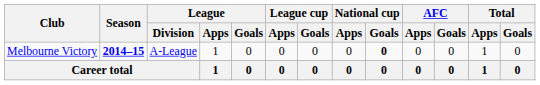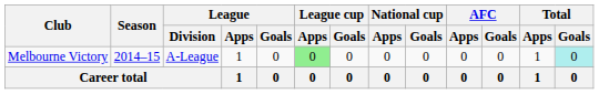 <table class="wikitable" style="text-align:center">
 <tr>
 <th rowspan="2">Club</th>
 <th rowspan="2">Season</th>
 <th colspan="3">League</th>
 <th colspan="2">League cup</th>
 <th colspan="2">National cup</th>
 <th colspan="2"><a href='#'>AFC</a></th>
 <th colspan="2">Total</th>
 </tr>
 <tr>
 <th>Division</th>
 <th>Apps</th>
 <th>Goals</th>
 <th>Apps</th>
 <th>Goals</th>
 <th>Apps</th>
 <th>Goals</th>
 <th>Apps</th>
 <th>Goals</th>
 <th>Apps</th>
 <th>Goals</th>
 </tr>
 <tr>
 <td><a href='#'>Melbourne Victory</a></td>
-<td><strong><a href='#'>2014–15</a></strong></td>
+<td><a href='#'>2014–15</a></td>
 <td><a href='#'>A-League</a></td>
 <td>1</td>
+<td>0</td>
+<td style="background: lightgreen;">0</td>
 <td>0</td>
 <td>0</td>
 <td>0</td>
 <td>0</td>
-<td><strong>0</strong></td>
-<td>0</td>
 <td>0</td>
 <td>1</td>
-<td>0</td>
+<td style="background: paleturquoise;">0</td>
 </tr>
 <tr>
 <th colspan="3">Career total</th>
 <th>1</th>
 <th>0</th>
 <th>0</th>
 <th>0</th>
 <th>0</th>
 <th>0</th>
 <th>0</th>
 <th>0</th>
 <th>1</th>
 <th>0</th>
 </tr>
 </table>
